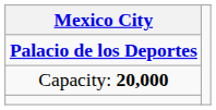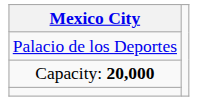 <table class="wikitable" style="text-align:center;margin:1em auto;">
 <tr>
 <th><a href='#'>Mexico City</a></th>
 <td rowspan=4></td>
 </tr>
 <tr>
-<td><strong><a href='#'>Palacio de los Deportes</a></strong></td>
+<td><a href='#'>Palacio de los Deportes</a></td>
 </tr>
 <tr>
 <td>Capacity: <strong>20,000</strong></td>
 </tr>
 <tr>
 <td></td>
 </tr>
 </table>
